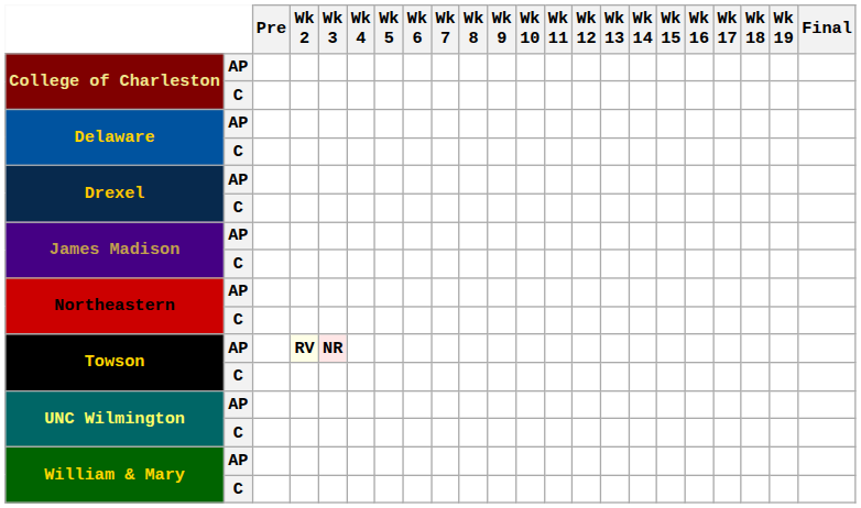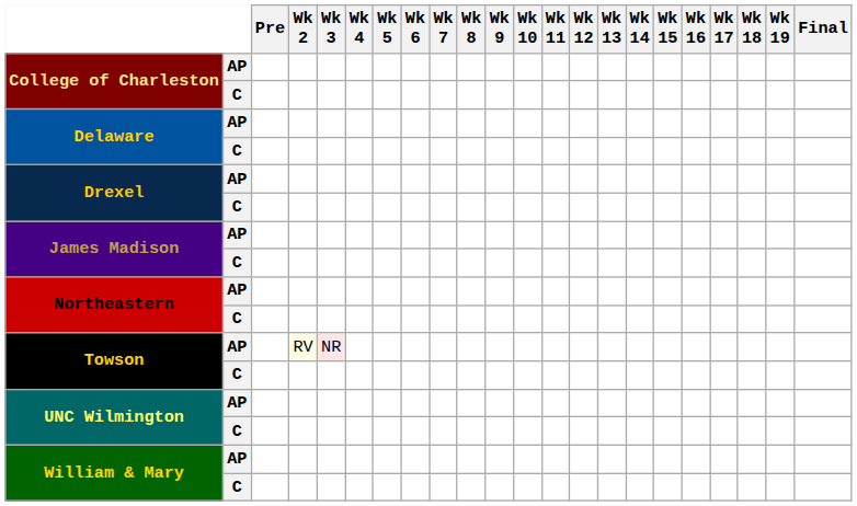 <table class="wikitable" style="white-space:nowrap;font-size:90%;">
 <tr>
 <th colspan=2 style="background:white; border-top-style:hidden; border-left-style:hidden;"> </th>
 <th>Pre</th>
 <th>Wk<br>2</th>
 <th>Wk<br>3</th>
 <th>Wk<br>4</th>
 <th>Wk<br>5</th>
 <th>Wk<br>6</th>
 <th>Wk<br>7</th>
 <th>Wk<br>8</th>
 <th>Wk<br>9</th>
 <th>Wk<br>10</th>
 <th>Wk<br>11</th>
 <th>Wk<br>12</th>
 <th>Wk<br>13</th>
 <th>Wk<br>14</th>
 <th>Wk<br>15</th>
 <th>Wk<br>16</th>
 <th>Wk<br>17</th>
 <th>Wk<br>18</th>
 <th>Wk<br>19</th>
 <th>Final</th>
 </tr>
 <tr style="text-align:center;">
 <th rowspan=2 style="background:#800000; color:#F0E68C;">College of Charleston</th>
 <th>AP</th>
 <td style="background:#FFF;"></td>
 <td style="background:#FFF;"></td>
 <td style="background:#FFF;"></td>
 <td style="background:#FFF;"></td>
 <td style="background:#FFF;"></td>
 <td style="background:#FFF;"></td>
 <td style="background:#FFF;"></td>
 <td style="background:#FFF;"></td>
 <td style="background:#FFF;"></td>
 <td style="background:#FFF;"></td>
 <td style="background:#FFF;"></td>
 <td style="background:#FFF;"></td>
 <td style="background:#FFF;"></td>
 <td style="background:#FFF;"></td>
 <td style="background:#FFF;"></td>
 <td style="background:#FFF;"></td>
 <td style="background:#FFF;"></td>
 <td style="background:#FFF;"></td>
 <td style="background:#FFF;"></td>
 <td style="background:#FFF;"></td>
 </tr>
 <tr style="text-align:center;">
 <th>C</th>
 <td style="background:#FFF;"></td>
 <td style="background:#FFF;"></td>
 <td style="background:#FFF;"></td>
 <td style="background:#FFF;"></td>
 <td style="background:#FFF;"></td>
 <td style="background:#FFF;"></td>
 <td style="background:#FFF;"></td>
 <td style="background:#FFF;"></td>
 <td style="background:#FFF;"></td>
 <td style="background:#FFF;"></td>
 <td style="background:#FFF;"></td>
 <td style="background:#FFF;"></td>
 <td style="background:#FFF;"></td>
 <td style="background:#FFF;"></td>
 <td style="background:#FFF;"></td>
 <td style="background:#FFF;"></td>
 <td style="background:#FFF;"></td>
 <td style="background:#FFF;"></td>
 <td style="background:#FFF;"></td>
 <td style="background:#FFF;"></td>
 </tr>
 <tr style="text-align:center;">
 <th rowspan=2 style="background:#00539f; color:#FFD200;">Delaware</th>
 <th>AP</th>
 <td style="background:#FFF;"></td>
 <td style="background:#FFF;"></td>
 <td style="background:#FFF;"></td>
 <td style="background:#FFF;"></td>
 <td style="background:#FFF;"></td>
 <td style="background:#FFF;"></td>
 <td style="background:#FFF;"></td>
 <td style="background:#FFF;"></td>
 <td style="background:#FFF;"></td>
 <td style="background:#FFF;"></td>
 <td style="background:#FFF;"></td>
 <td style="background:#FFF;"></td>
 <td style="background:#FFF;"></td>
 <td style="background:#FFF;"></td>
 <td style="background:#FFF;"></td>
 <td style="background:#FFF;"></td>
 <td style="background:#FFF;"></td>
 <td style="background:#FFF;"></td>
 <td style="background:#FFF;"></td>
 <td style="background:#FFF;"></td>
 </tr>
 <tr style="text-align:center;">
 <th>C</th>
 <td style="background:#FFF;"></td>
 <td style="background:#FFF;"></td>
 <td style="background:#FFF;"></td>
 <td style="background:#FFF;"></td>
 <td style="background:#FFF;"></td>
 <td style="background:#FFF;"></td>
 <td style="background:#FFF;"></td>
 <td style="background:#FFF;"></td>
 <td style="background:#FFF;"></td>
 <td style="background:#FFF;"></td>
 <td style="background:#FFF;"></td>
 <td style="background:#FFF;"></td>
 <td style="background:#FFF;"></td>
 <td style="background:#FFF;"></td>
 <td style="background:#FFF;"></td>
 <td style="background:#FFF;"></td>
 <td style="background:#FFF;"></td>
 <td style="background:#FFF;"></td>
 <td style="background:#FFF;"></td>
 <td style="background:#FFF;"></td>
 </tr>
 <tr style="text-align:center;">
 <th rowspan=2 style="background:#07294D; color:#FFC600;">Drexel</th>
 <th>AP</th>
 <td style="background:#FFF;"></td>
 <td style="background:#FFF;"></td>
 <td style="background:#FFF;"></td>
 <td style="background:#FFF;"></td>
 <td style="background:#FFF;"></td>
 <td style="background:#FFF;"></td>
 <td style="background:#FFF;"></td>
 <td style="background:#FFF;"></td>
 <td style="background:#FFF;"></td>
 <td style="background:#FFF;"></td>
 <td style="background:#FFF;"></td>
 <td style="background:#FFF;"></td>
 <td style="background:#FFF;"></td>
 <td style="background:#FFF;"></td>
 <td style="background:#FFF;"></td>
 <td style="background:#FFF;"></td>
 <td style="background:#FFF;"></td>
 <td style="background:#FFF;"></td>
 <td style="background:#FFF;"></td>
 <td style="background:#FFF;"></td>
 </tr>
 <tr style="text-align:center;">
 <th>C</th>
 <td style="background:#FFF;"></td>
 <td style="background:#FFF;"></td>
 <td style="background:#FFF;"></td>
 <td style="background:#FFF;"></td>
 <td style="background:#FFF;"></td>
 <td style="background:#FFF;"></td>
 <td style="background:#FFF;"></td>
 <td style="background:#FFF;"></td>
 <td style="background:#FFF;"></td>
 <td style="background:#FFF;"></td>
 <td style="background:#FFF;"></td>
 <td style="background:#FFF;"></td>
 <td style="background:#FFF;"></td>
 <td style="background:#FFF;"></td>
 <td style="background:#FFF;"></td>
 <td style="background:#FFF;"></td>
 <td style="background:#FFF;"></td>
 <td style="background:#FFF;"></td>
 <td style="background:#FFF;"></td>
 <td style="background:#FFF;"></td>
 </tr>
 <tr style="text-align:center;">
 <th rowspan=2 style="background:#450084; color:#C2A14D;">James Madison</th>
 <th>AP</th>
 <td style="background:#FFF;"></td>
 <td style="background:#FFF;"></td>
 <td style="background:#FFF;"></td>
 <td style="background:#FFF;"></td>
 <td style="background:#FFF;"></td>
 <td style="background:#FFF;"></td>
 <td style="background:#FFF;"></td>
 <td style="background:#FFF;"></td>
 <td style="background:#FFF;"></td>
 <td style="background:#FFF;"></td>
 <td style="background:#FFF;"></td>
 <td style="background:#FFF;"></td>
 <td style="background:#FFF;"></td>
 <td style="background:#FFF;"></td>
 <td style="background:#FFF;"></td>
 <td style="background:#FFF;"></td>
 <td style="background:#FFF;"></td>
 <td style="background:#FFF;"></td>
 <td style="background:#FFF;"></td>
 <td style="background:#FFF;"></td>
 </tr>
 <tr style="text-align:center;">
 <th>C</th>
 <td style="background:#FFF;"></td>
 <td style="background:#FFF;"></td>
 <td style="background:#FFF;"></td>
 <td style="background:#FFF;"></td>
 <td style="background:#FFF;"></td>
 <td style="background:#FFF;"></td>
 <td style="background:#FFF;"></td>
 <td style="background:#FFF;"></td>
 <td style="background:#FFF;"></td>
 <td style="background:#FFF;"></td>
 <td style="background:#FFF;"></td>
 <td style="background:#FFF;"></td>
 <td style="background:#FFF;"></td>
 <td style="background:#FFF;"></td>
 <td style="background:#FFF;"></td>
 <td style="background:#FFF;"></td>
 <td style="background:#FFF;"></td>
 <td style="background:#FFF;"></td>
 <td style="background:#FFF;"></td>
 <td style="background:#FFF;"></td>
 </tr>
 <tr style="text-align:center;">
 <th rowspan=2 style="background:#CC0000; color:#000000;">Northeastern</th>
 <th>AP</th>
 <td style="background:#FFF;"></td>
 <td style="background:#FFF;"></td>
 <td style="background:#FFF;"></td>
 <td style="background:#FFF;"></td>
 <td style="background:#FFF;"></td>
 <td style="background:#FFF;"></td>
 <td style="background:#FFF;"></td>
 <td style="background:#FFF;"></td>
 <td style="background:#FFF;"></td>
 <td style="background:#FFF;"></td>
 <td style="background:#FFF;"></td>
 <td style="background:#FFF;"></td>
 <td style="background:#FFF;"></td>
 <td style="background:#FFF;"></td>
 <td style="background:#FFF;"></td>
 <td style="background:#FFF;"></td>
 <td style="background:#FFF;"></td>
 <td style="background:#FFF;"></td>
 <td style="background:#FFF;"></td>
 <td style="background:#FFF;"></td>
 </tr>
 <tr style="text-align:center;">
 <th>C</th>
 <td style="background:#FFF;"></td>
 <td style="background:#FFF;"></td>
 <td style="background:#FFF;"></td>
 <td style="background:#FFF;"></td>
 <td style="background:#FFF;"></td>
 <td style="background:#FFF;"></td>
 <td style="background:#FFF;"></td>
 <td style="background:#FFF;"></td>
 <td style="background:#FFF;"></td>
 <td style="background:#FFF;"></td>
 <td style="background:#FFF;"></td>
 <td style="background:#FFF;"></td>
 <td style="background:#FFF;"></td>
 <td style="background:#FFF;"></td>
 <td style="background:#FFF;"></td>
 <td style="background:#FFF;"></td>
 <td style="background:#FFF;"></td>
 <td style="background:#FFF;"></td>
 <td style="background:#FFF;"></td>
 <td style="background:#FFF;"></td>
 </tr>
 <tr style="text-align:center;">
 <th rowspan=2 style="background:#000000; color:#FFD600;">Towson</th>
 <th>AP</th>
 <td style="background:#FFF;"></td>
-<td style="background:#FFFFE6;"><strong>RV</strong></td>
-<td style="background:#FFE6E6;"><strong>NR</strong></td>
+<td style="background:#FFFFE6;">RV</td>
+<td style="background:#FFE6E6;">NR</td>
 <td style="background:#FFF;"></td>
 <td style="background:#FFF;"></td>
 <td style="background:#FFF;"></td>
 <td style="background:#FFF;"></td>
 <td style="background:#FFF;"></td>
 <td style="background:#FFF;"></td>
 <td style="background:#FFF;"></td>
 <td style="background:#FFF;"></td>
 <td style="background:#FFF;"></td>
 <td style="background:#FFF;"></td>
 <td style="background:#FFF;"></td>
 <td style="background:#FFF;"></td>
 <td style="background:#FFF;"></td>
 <td style="background:#FFF;"></td>
 <td style="background:#FFF;"></td>
 <td style="background:#FFF;"></td>
 <td style="background:#FFF;"></td>
 </tr>
 <tr style="text-align:center;">
 <th>C</th>
 <td style="background:#FFF;"></td>
 <td style="background:#FFF;"></td>
 <td style="background:#FFF;"></td>
 <td style="background:#FFF;"></td>
 <td style="background:#FFF;"></td>
 <td style="background:#FFF;"></td>
 <td style="background:#FFF;"></td>
 <td style="background:#FFF;"></td>
 <td style="background:#FFF;"></td>
 <td style="background:#FFF;"></td>
 <td style="background:#FFF;"></td>
 <td style="background:#FFF;"></td>
 <td style="background:#FFF;"></td>
 <td style="background:#FFF;"></td>
 <td style="background:#FFF;"></td>
 <td style="background:#FFF;"></td>
 <td style="background:#FFF;"></td>
 <td style="background:#FFF;"></td>
 <td style="background:#FFF;"></td>
 <td style="background:#FFF;"></td>
 </tr>
 <tr style="text-align:center;">
 <th rowspan=2 style="background:#006666; color:#FFFF66;">UNC Wilmington</th>
 <th>AP</th>
 <td style="background:#FFF;"></td>
 <td style="background:#FFF;"></td>
 <td style="background:#FFF;"></td>
 <td style="background:#FFF;"></td>
 <td style="background:#FFF;"></td>
 <td style="background:#FFF;"></td>
 <td style="background:#FFF;"></td>
 <td style="background:#FFF;"></td>
 <td style="background:#FFF;"></td>
 <td style="background:#FFF;"></td>
 <td style="background:#FFF;"></td>
 <td style="background:#FFF;"></td>
 <td style="background:#FFF;"></td>
 <td style="background:#FFF;"></td>
 <td style="background:#FFF;"></td>
 <td style="background:#FFF;"></td>
 <td style="background:#FFF;"></td>
 <td style="background:#FFF;"></td>
 <td style="background:#FFF;"></td>
 <td style="background:#FFF;"></td>
 </tr>
 <tr style="text-align:center;">
 <th>C</th>
 <td style="background:#FFF;"></td>
 <td style="background:#FFF;"></td>
 <td style="background:#FFF;"></td>
 <td style="background:#FFF;"></td>
 <td style="background:#FFF;"></td>
 <td style="background:#FFF;"></td>
 <td style="background:#FFF;"></td>
 <td style="background:#FFF;"></td>
 <td style="background:#FFF;"></td>
 <td style="background:#FFF;"></td>
 <td style="background:#FFF;"></td>
 <td style="background:#FFF;"></td>
 <td style="background:#FFF;"></td>
 <td style="background:#FFF;"></td>
 <td style="background:#FFF;"></td>
 <td style="background:#FFF;"></td>
 <td style="background:#FFF;"></td>
 <td style="background:#FFF;"></td>
 <td style="background:#FFF;"></td>
 <td style="background:#FFF;"></td>
 </tr>
 <tr style="text-align:center;">
 <th rowspan=2 style="background:#006400; color:#FFD700;">William & Mary</th>
 <th>AP</th>
 <td style="background:#FFF;"></td>
 <td style="background:#FFF;"></td>
 <td style="background:#FFF;"></td>
 <td style="background:#FFF;"></td>
 <td style="background:#FFF;"></td>
 <td style="background:#FFF;"></td>
 <td style="background:#FFF;"></td>
 <td style="background:#FFF;"></td>
 <td style="background:#FFF;"></td>
 <td style="background:#FFF;"></td>
 <td style="background:#FFF;"></td>
 <td style="background:#FFF;"></td>
 <td style="background:#FFF;"></td>
 <td style="background:#FFF;"></td>
 <td style="background:#FFF;"></td>
 <td style="background:#FFF;"></td>
 <td style="background:#FFF;"></td>
 <td style="background:#FFF;"></td>
 <td style="background:#FFF;"></td>
 <td style="background:#FFF;"></td>
 </tr>
 <tr style="text-align:center;">
 <th>C</th>
 <td style="background:#FFF;"></td>
 <td style="background:#FFF;"></td>
 <td style="background:#FFF;"></td>
 <td style="background:#FFF;"></td>
 <td style="background:#FFF;"></td>
 <td style="background:#FFF;"></td>
 <td style="background:#FFF;"></td>
 <td style="background:#FFF;"></td>
 <td style="background:#FFF;"></td>
 <td style="background:#FFF;"></td>
 <td style="background:#FFF;"></td>
 <td style="background:#FFF;"></td>
 <td style="background:#FFF;"></td>
 <td style="background:#FFF;"></td>
 <td style="background:#FFF;"></td>
 <td style="background:#FFF;"></td>
 <td style="background:#FFF;"></td>
 <td style="background:#FFF;"></td>
 <td style="background:#FFF;"></td>
 <td style="background:#FFF;"></td>
 </tr>
 </table>
